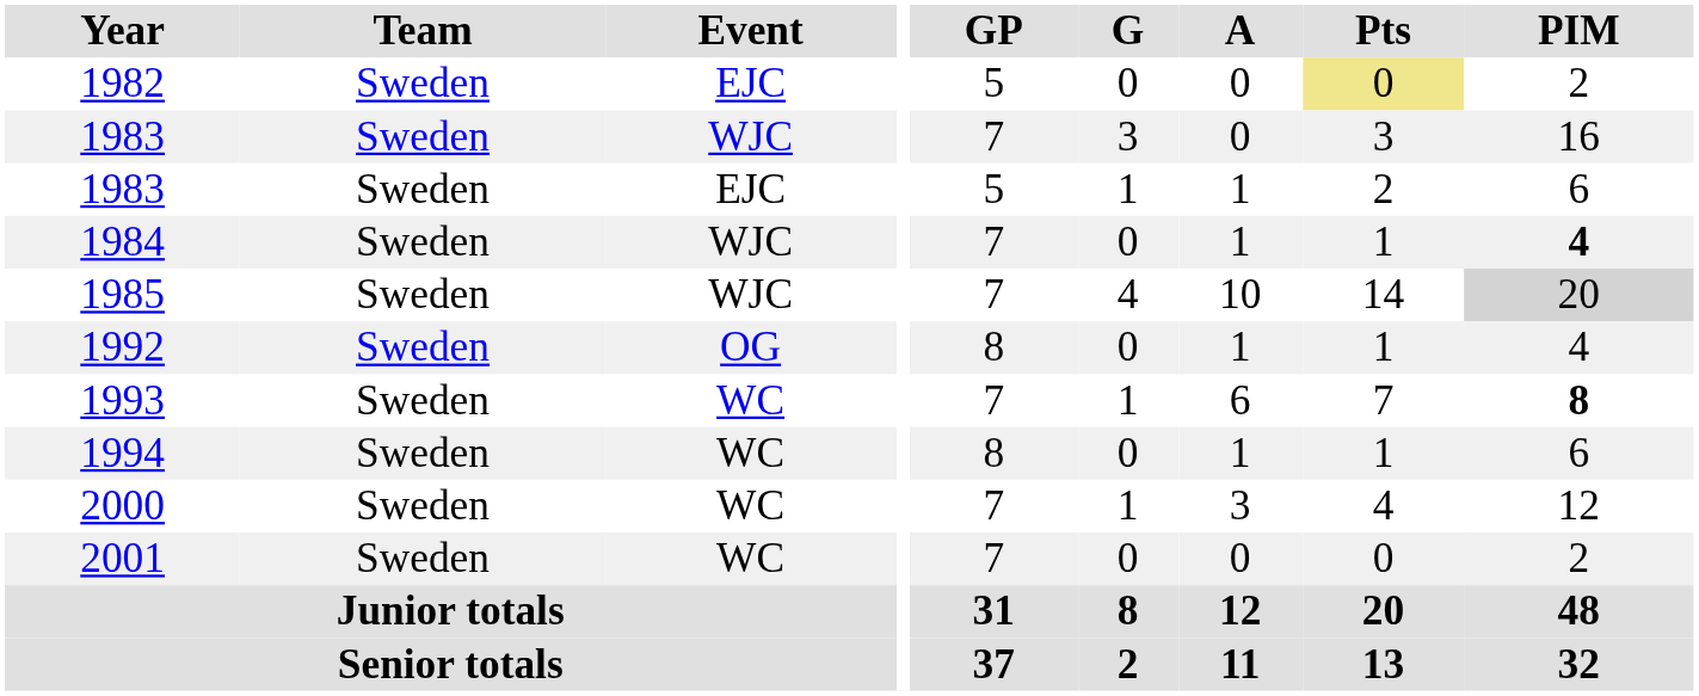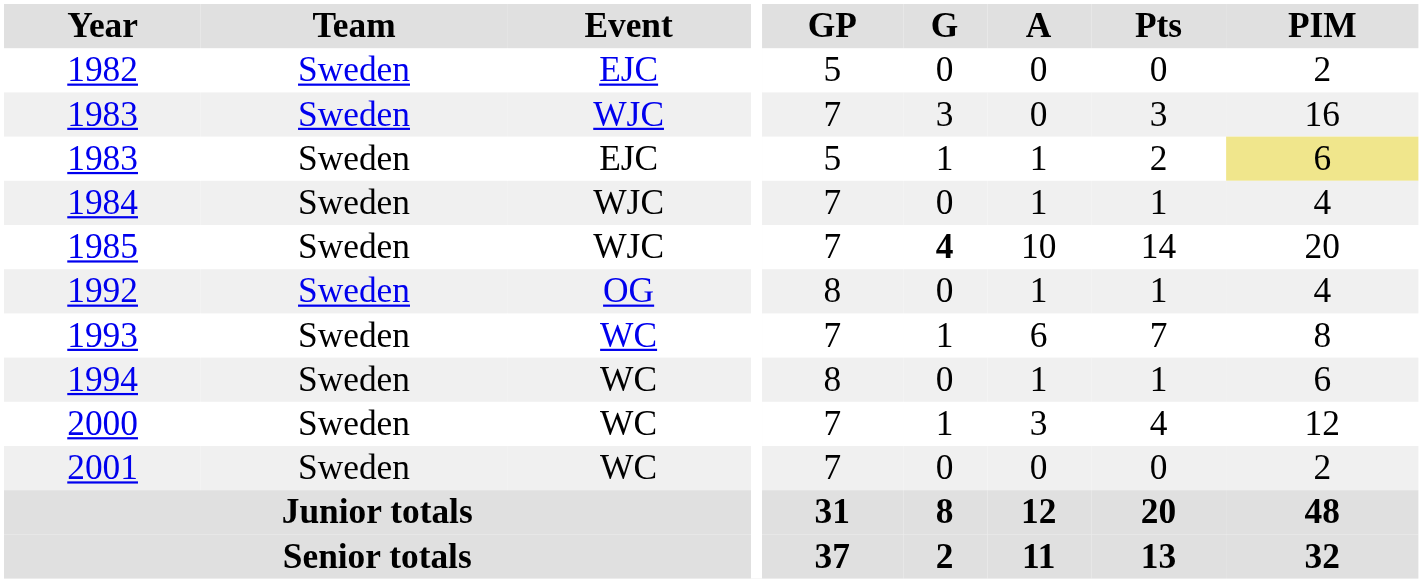 <table border="0" cellpadding="1" cellspacing="0" ID="Table3" style="text-align:center; width:40em">
 <tr ALIGN="center" bgcolor="#e0e0e0">
 <th>Year</th>
 <th>Team</th>
 <th>Event</th>
 <th rowspan="99" bgcolor="#ffffff"></th>
 <th>GP</th>
 <th>G</th>
 <th>A</th>
 <th>Pts</th>
 <th>PIM</th>
 </tr>
 <tr>
 <td><a href='#'>1982</a></td>
 <td><a href='#'>Sweden</a></td>
 <td><a href='#'>EJC</a></td>
 <td>5</td>
 <td>0</td>
 <td>0</td>
-<td style="background: khaki;">0</td>
+<td>0</td>
 <td>2</td>
 </tr>
 <tr bgcolor="#f0f0f0">
 <td><a href='#'>1983</a></td>
 <td><a href='#'>Sweden</a></td>
 <td><a href='#'>WJC</a></td>
 <td>7</td>
 <td>3</td>
 <td>0</td>
 <td>3</td>
 <td>16</td>
 </tr>
 <tr>
 <td><a href='#'>1983</a></td>
 <td>Sweden</td>
 <td>EJC</td>
 <td>5</td>
 <td>1</td>
 <td>1</td>
 <td>2</td>
-<td>6</td>
+<td style="background: khaki;">6</td>
 </tr>
 <tr bgcolor="#f0f0f0">
 <td><a href='#'>1984</a></td>
 <td>Sweden</td>
 <td>WJC</td>
 <td>7</td>
 <td>0</td>
 <td>1</td>
 <td>1</td>
-<td><strong>4</strong></td>
+<td>4</td>
 </tr>
 <tr>
 <td><a href='#'>1985</a></td>
 <td>Sweden</td>
 <td>WJC</td>
 <td>7</td>
-<td>4</td>
+<td><strong>4</strong></td>
 <td>10</td>
 <td>14</td>
-<td style="background: lightgrey;">20</td>
+<td>20</td>
 </tr>
 <tr bgcolor="#f0f0f0">
 <td><a href='#'>1992</a></td>
 <td><a href='#'>Sweden</a></td>
 <td><a href='#'>OG</a></td>
 <td>8</td>
 <td>0</td>
 <td>1</td>
 <td>1</td>
 <td>4</td>
 </tr>
 <tr>
 <td><a href='#'>1993</a></td>
 <td>Sweden</td>
 <td><a href='#'>WC</a></td>
 <td>7</td>
 <td>1</td>
 <td>6</td>
 <td>7</td>
-<td><strong>8</strong></td>
+<td>8</td>
 </tr>
 <tr bgcolor="#f0f0f0">
 <td><a href='#'>1994</a></td>
 <td>Sweden</td>
 <td>WC</td>
 <td>8</td>
 <td>0</td>
 <td>1</td>
 <td>1</td>
 <td>6</td>
 </tr>
 <tr>
 <td><a href='#'>2000</a></td>
 <td>Sweden</td>
 <td>WC</td>
 <td>7</td>
 <td>1</td>
 <td>3</td>
 <td>4</td>
 <td>12</td>
 </tr>
 <tr bgcolor="#f0f0f0">
 <td><a href='#'>2001</a></td>
 <td>Sweden</td>
 <td>WC</td>
 <td>7</td>
 <td>0</td>
 <td>0</td>
 <td>0</td>
 <td>2</td>
 </tr>
 <tr bgcolor="#e0e0e0">
 <th colspan="3">Junior totals</th>
 <th>31</th>
 <th>8</th>
 <th>12</th>
 <th>20</th>
 <th>48</th>
 </tr>
 <tr bgcolor="#e0e0e0">
 <th colspan="3">Senior totals</th>
 <th>37</th>
 <th>2</th>
 <th>11</th>
 <th>13</th>
 <th>32</th>
 </tr>
 </table>
